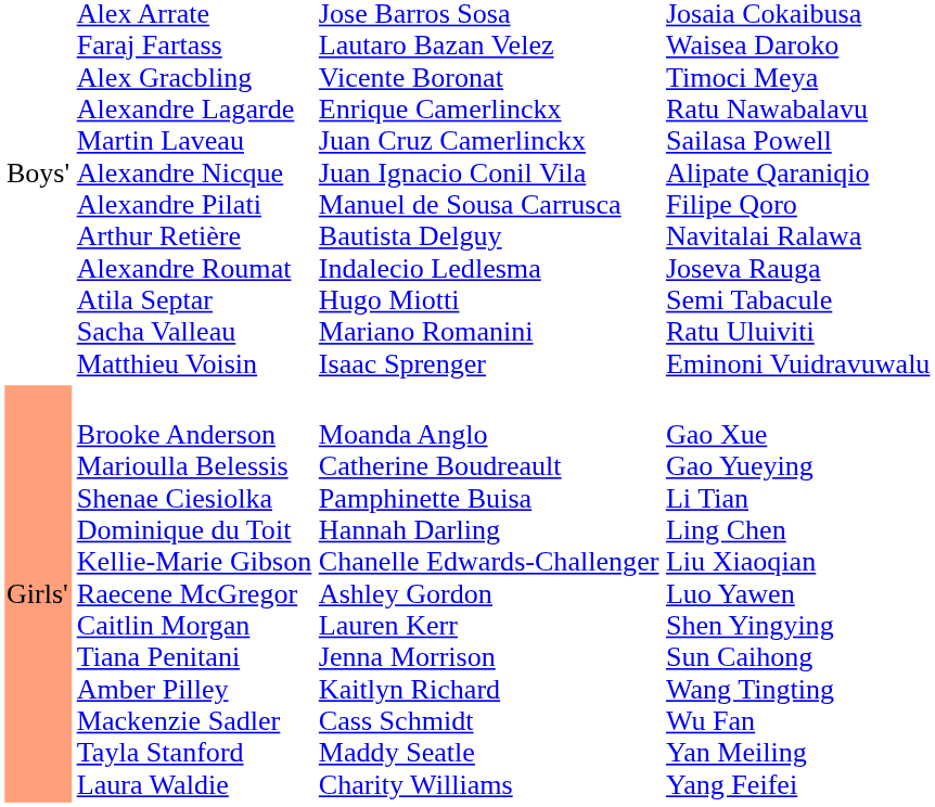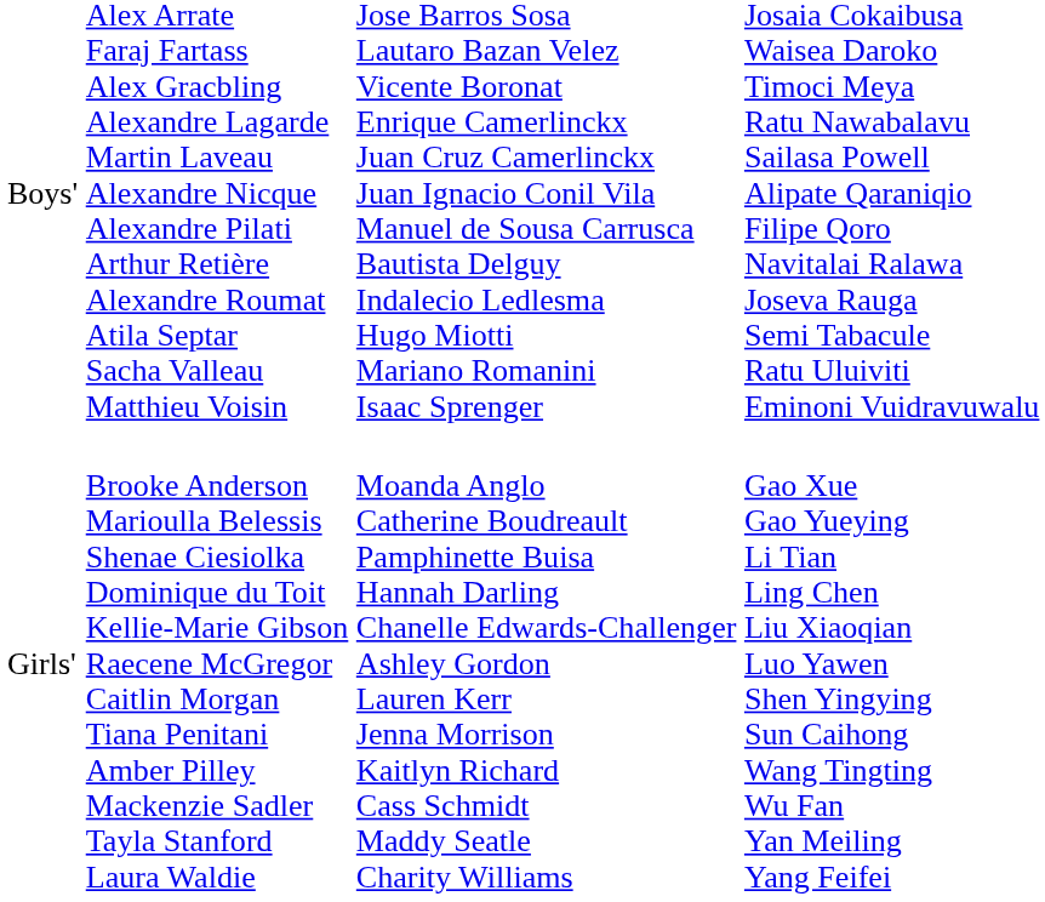 <table>
 <tr>
 <td>Boys' <br></td>
 <td> <br> <a href='#'>Alex Arrate</a> <br> <a href='#'>Faraj Fartass</a><br> <a href='#'>Alex Gracbling</a> <br> <a href='#'>Alexandre Lagarde</a>  <br> <a href='#'>Martin Laveau</a> <br> <a href='#'>Alexandre Nicque</a> <br> <a href='#'>Alexandre Pilati</a> <br> <a href='#'>Arthur Retière</a> <br> <a href='#'>Alexandre Roumat</a> <br> <a href='#'>Atila Septar</a> <br> <a href='#'>Sacha Valleau</a> <br> <a href='#'>Matthieu Voisin</a></td>
 <td> <br> <a href='#'>Jose Barros Sosa</a> <br> <a href='#'>Lautaro Bazan Velez</a><br> <a href='#'>Vicente Boronat</a> <br> <a href='#'>Enrique Camerlinckx</a>  <br> <a href='#'>Juan Cruz Camerlinckx</a> <br> <a href='#'>Juan Ignacio Conil Vila</a> <br> <a href='#'>Manuel de Sousa Carrusca</a> <br> <a href='#'>Bautista Delguy</a> <br> <a href='#'>Indalecio Ledlesma</a> <br> <a href='#'>Hugo Miotti</a> <br> <a href='#'>Mariano Romanini</a> <br> <a href='#'>Isaac Sprenger</a></td>
 <td> <br> <a href='#'>Josaia Cokaibusa</a> <br> <a href='#'>Waisea Daroko</a><br> <a href='#'>Timoci Meya</a> <br> <a href='#'>Ratu Nawabalavu</a>  <br> <a href='#'>Sailasa Powell</a> <br> <a href='#'>Alipate Qaraniqio</a> <br> <a href='#'>Filipe Qoro</a> <br> <a href='#'>Navitalai Ralawa</a> <br> <a href='#'>Joseva Rauga</a> <br> <a href='#'>Semi Tabacule</a> <br> <a href='#'>Ratu Uluiviti</a> <br> <a href='#'>Eminoni Vuidravuwalu</a></td>
 </tr>
 <tr>
-<td style="background: lightsalmon;">Girls' <br></td>
+<td>Girls' <br></td>
 <td> <br> <a href='#'>Brooke Anderson</a> <br> <a href='#'>Marioulla Belessis</a><br> <a href='#'>Shenae Ciesiolka</a> <br> <a href='#'>Dominique du Toit</a>  <br> <a href='#'>Kellie-Marie Gibson</a> <br> <a href='#'>Raecene McGregor</a> <br> <a href='#'>Caitlin Morgan</a> <br> <a href='#'>Tiana Penitani</a> <br> <a href='#'>Amber Pilley</a> <br> <a href='#'>Mackenzie Sadler</a> <br> <a href='#'>Tayla Stanford</a> <br> <a href='#'>Laura Waldie</a></td>
 <td> <br> <a href='#'>Moanda Anglo</a> <br> <a href='#'>Catherine Boudreault</a><br> <a href='#'>Pamphinette Buisa</a> <br> <a href='#'>Hannah Darling</a>  <br> <a href='#'>Chanelle Edwards-Challenger</a> <br> <a href='#'>Ashley Gordon</a> <br> <a href='#'>Lauren Kerr</a> <br> <a href='#'>Jenna Morrison</a> <br> <a href='#'>Kaitlyn Richard</a> <br> <a href='#'>Cass Schmidt</a> <br> <a href='#'>Maddy Seatle</a> <br> <a href='#'>Charity Williams</a></td>
 <td> <br> <a href='#'>Gao Xue</a> <br> <a href='#'>Gao Yueying</a><br> <a href='#'>Li Tian</a> <br> <a href='#'>Ling Chen</a>  <br> <a href='#'>Liu Xiaoqian</a> <br> <a href='#'>Luo Yawen</a> <br> <a href='#'>Shen Yingying</a> <br> <a href='#'>Sun Caihong</a> <br> <a href='#'>Wang Tingting</a> <br> <a href='#'>Wu Fan</a> <br> <a href='#'>Yan Meiling</a> <br> <a href='#'>Yang Feifei</a></td>
 </tr>
 </table>
